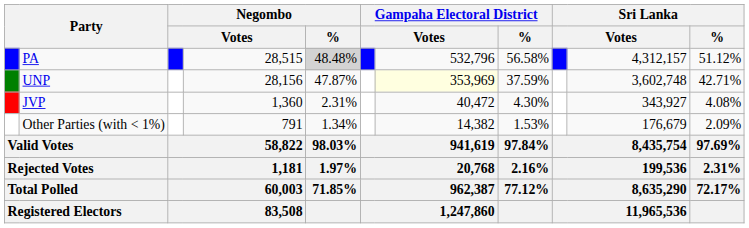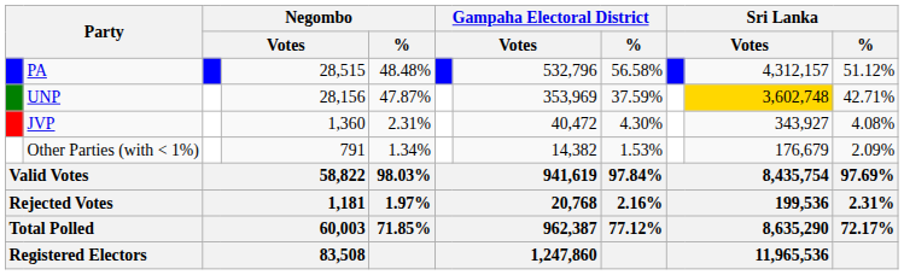 <table class="wikitable">
 <tr>
 <th colspan="2" width="144px"rowspan="2">Party</th>
 <th colspan="3" width="216px">Negombo</th>
 <th colspan="3" width="216px"><a href='#'>Gampaha Electoral District</a></th>
 <th colspan="3" width="216px">Sri Lanka</th>
 </tr>
 <tr>
 <th colspan="2" width="144px">Votes</th>
 <th>%</th>
 <th colspan="2" width="144px">Votes</th>
 <th>%</th>
 <th colspan="2" width="144px">Votes</th>
 <th>%</th>
 </tr>
 <tr>
 <td style="background-color:blue;" width="10px"></td>
 <td style="text-align:left;"><a href='#'>PA</a></td>
 <td style="background-color:blue;" width="10px"></td>
 <td style="text-align:right;">28,515</td>
-<td style="background: lightgrey; text-align:right;">48.48%</td>
+<td style="text-align:right;">48.48%</td>
 <td style="background-color:blue;" width="10px"></td>
 <td style="text-align:right;">532,796</td>
 <td style="text-align:right;">56.58%</td>
 <td style="background-color:blue;" width="10px"></td>
 <td style="text-align:right;">4,312,157</td>
 <td style="text-align:right;">51.12%</td>
 </tr>
 <tr>
 <td style="background-color:green;" width="10px"></td>
 <td style="text-align:left;"><a href='#'>UNP</a></td>
 <td style="background-color:white;" width="10px"></td>
 <td style="text-align:right;">28,156</td>
 <td style="text-align:right;">47.87%</td>
 <td style="background-color:white;" width="10px"></td>
-<td style="background: lightyellow; text-align:right;">353,969</td>
+<td style="text-align:right;">353,969</td>
 <td style="text-align:right;">37.59%</td>
 <td style="background-color:white;" width="10px"></td>
-<td style="text-align:right;">3,602,748</td>
+<td style="background: gold; text-align:right;">3,602,748</td>
 <td style="text-align:right;">42.71%</td>
 </tr>
 <tr>
 <td style="background-color:red;" width="10px"></td>
 <td style="text-align:left;"><a href='#'>JVP</a></td>
 <td style="background-color:white;" width="10px"></td>
 <td style="text-align:right;">1,360</td>
 <td style="text-align:right;">2.31%</td>
 <td style="background-color:white;" width="10px"></td>
 <td style="text-align:right;">40,472</td>
 <td style="text-align:right;">4.30%</td>
 <td style="background-color:white;" width="10px"></td>
 <td style="text-align:right;">343,927</td>
 <td style="text-align:right;">4.08%</td>
 </tr>
 <tr>
 <td style="background-color:white;" width="10px"></td>
 <td style="text-align:left;">Other Parties (with < 1%)</td>
 <td style="background-color:white;" width="10px"></td>
 <td style="text-align:right;">791</td>
 <td style="text-align:right;">1.34%</td>
 <td style="background-color:white;" width="10px"></td>
 <td style="text-align:right;">14,382</td>
 <td style="text-align:right;">1.53%</td>
 <td style="background-color:white;" width="10px"></td>
 <td style="text-align:right;">176,679</td>
 <td style="text-align:right;">2.09%</td>
 </tr>
 <tr>
 <th colspan="2" width="144px"style="text-align:left;">Valid Votes</th>
 <th style="text-align:right;"colspan="2" width="144px">58,822</th>
 <th style="text-align:right;">98.03%</th>
 <th style="text-align:right;"colspan="2" width="144px">941,619</th>
 <th style="text-align:right;">97.84%</th>
 <th style="text-align:right;"colspan="2" width="144px">8,435,754</th>
 <th style="text-align:right;">97.69%</th>
 </tr>
 <tr>
 <th colspan="2" width="144px"style="text-align:left;">Rejected Votes</th>
 <th style="text-align:right;"colspan="2" width="144px">1,181</th>
 <th style="text-align:right;">1.97%</th>
 <th style="text-align:right;"colspan="2" width="144px">20,768</th>
 <th style="text-align:right;">2.16%</th>
 <th style="text-align:right;"colspan="2" width="144px">199,536</th>
 <th style="text-align:right;">2.31%</th>
 </tr>
 <tr>
 <th colspan="2" width="144px"style="text-align:left;">Total Polled</th>
 <th style="text-align:right;"colspan="2" width="144px">60,003</th>
 <th style="text-align:right;">71.85%</th>
 <th style="text-align:right;"colspan="2" width="144px">962,387</th>
 <th style="text-align:right;">77.12%</th>
 <th style="text-align:right;"colspan="2" width="144px">8,635,290</th>
 <th style="text-align:right;">72.17%</th>
 </tr>
 <tr>
 <th colspan="2" width="144px"style="text-align:left;">Registered Electors</th>
 <th style="text-align:right;"colspan="2" width="144px">83,508</th>
 <th></th>
 <th style="text-align:right;"colspan="2" width="144px">1,247,860</th>
 <th></th>
 <th style="text-align:right;"colspan="2" width="144px">11,965,536</th>
 <th></th>
 </tr>
 </table>
